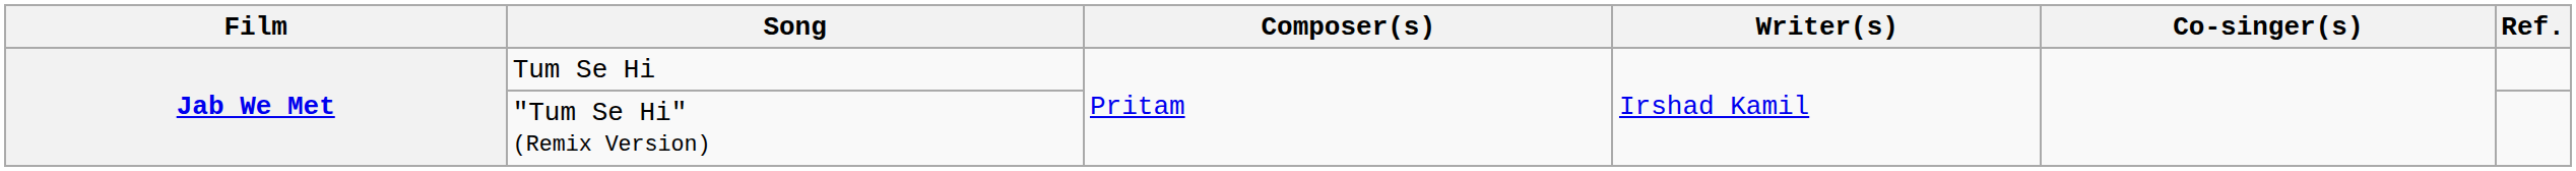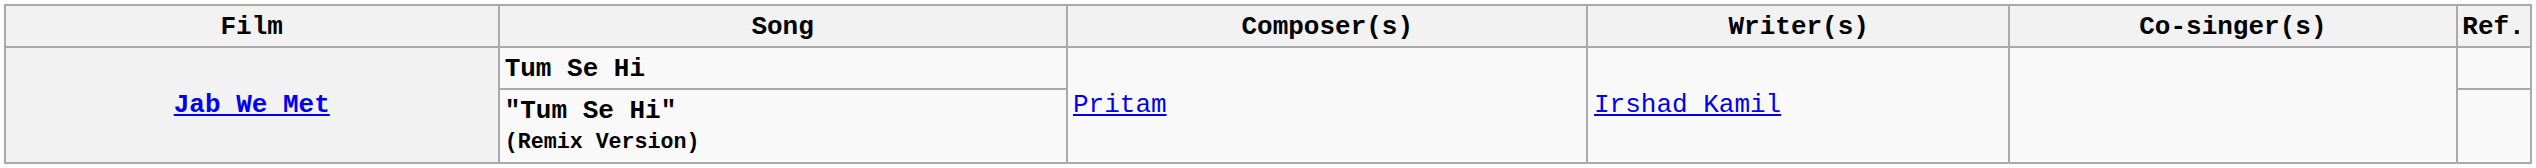 <table class="wikitable plainrowheaders" width="100%" "textcolor:#000;">
 <tr>
 <th scope="col" width=20%><strong>Film</strong></th>
 <th scope="col" width=23%><strong>Song</strong></th>
 <th scope="col" width=21%><strong>Composer(s)</strong></th>
 <th scope="col" width=17%><strong>Writer(s)</strong></th>
 <th scope="col" width=18%><strong>Co-singer(s)</strong></th>
 <th scope="col" width=1%><strong>Ref.</strong></th>
 </tr>
 <tr>
 <th scope="row" rowspan="2"><strong><a href='#'>Jab We Met</a></strong></th>
-<td>Tum Se Hi</td>
+<td><strong>Tum Se Hi</strong></td>
 <td rowspan="2"><a href='#'>Pritam</a></td>
 <td rowspan="2"><a href='#'>Irshad Kamil</a></td>
 <td rowspan="2"></td>
 <td></td>
 </tr>
 <tr>
-<td>"Tum Se Hi"<br><small>(Remix Version)</small></td>
+<td><strong>"Tum Se Hi"<br><small>(Remix Version)</small></strong></td>
 <td></td>
 </tr>
 <tr>
 </tr>
 </table>
